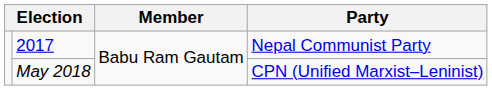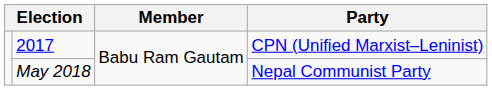 <table class="wikitable">
 <tr>
 <th colspan="2">Election</th>
 <th>Member</th>
 <th>Party</th>
 </tr>
 <tr>
 <td rowspan="2" style="background-color:"></td>
 <td><a href='#'>2017</a></td>
 <td rowspan="2">Babu Ram Gautam</td>
-<td><a href='#'>Nepal Communist Party</a></td>
+<td><a href='#'>CPN (Unified Marxist–Leninist)</a></td>
 </tr>
 <tr>
 <td><em>May 2018</em></td>
-<td><a href='#'>CPN (Unified Marxist–Leninist)</a></td>
+<td><a href='#'>Nepal Communist Party</a></td>
 </tr>
 </table>
